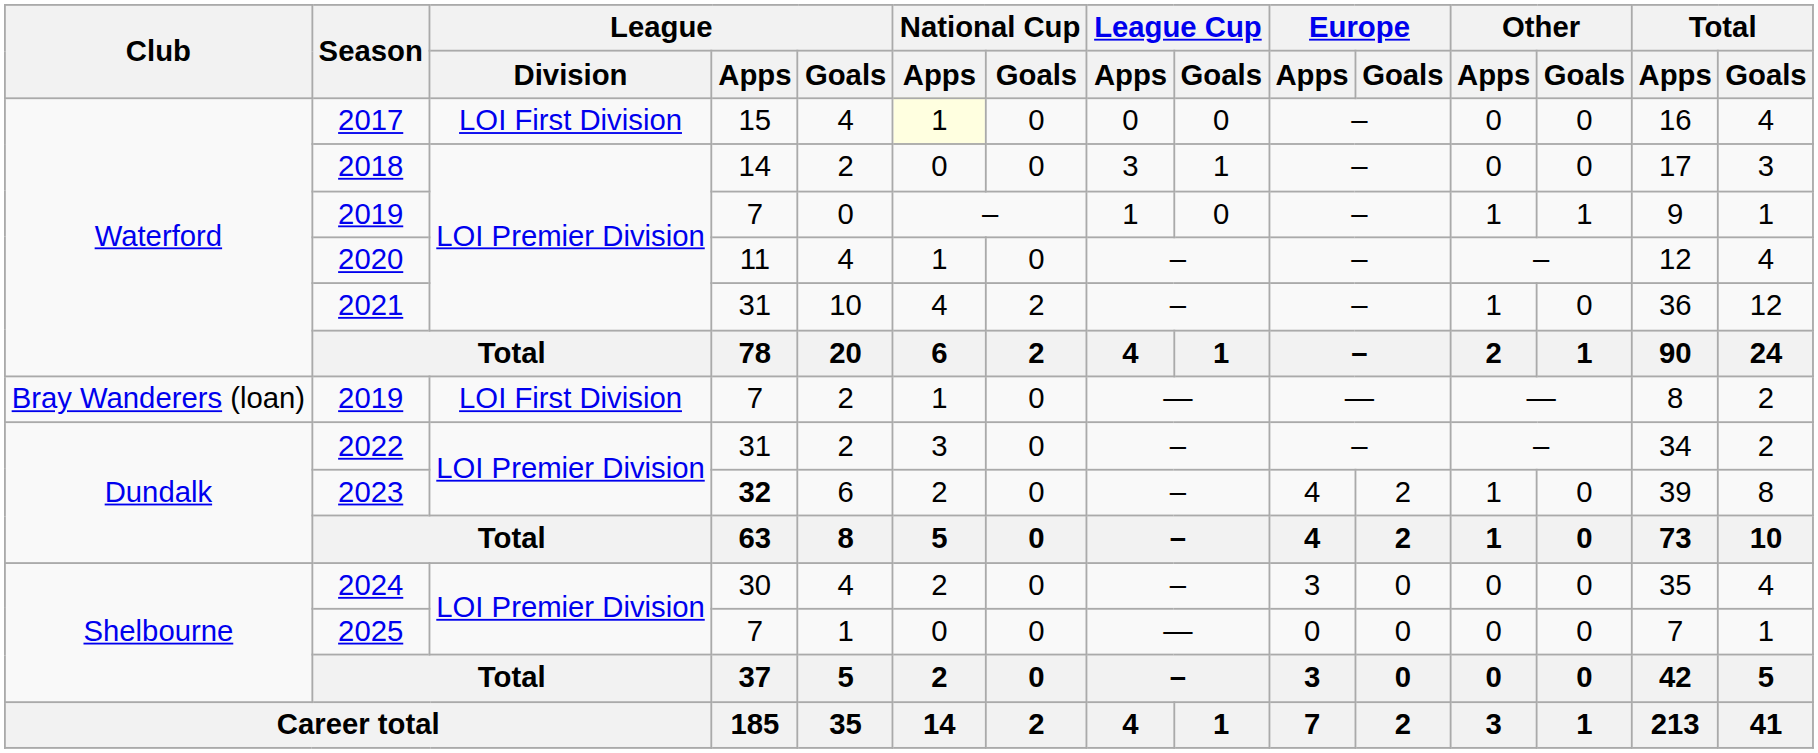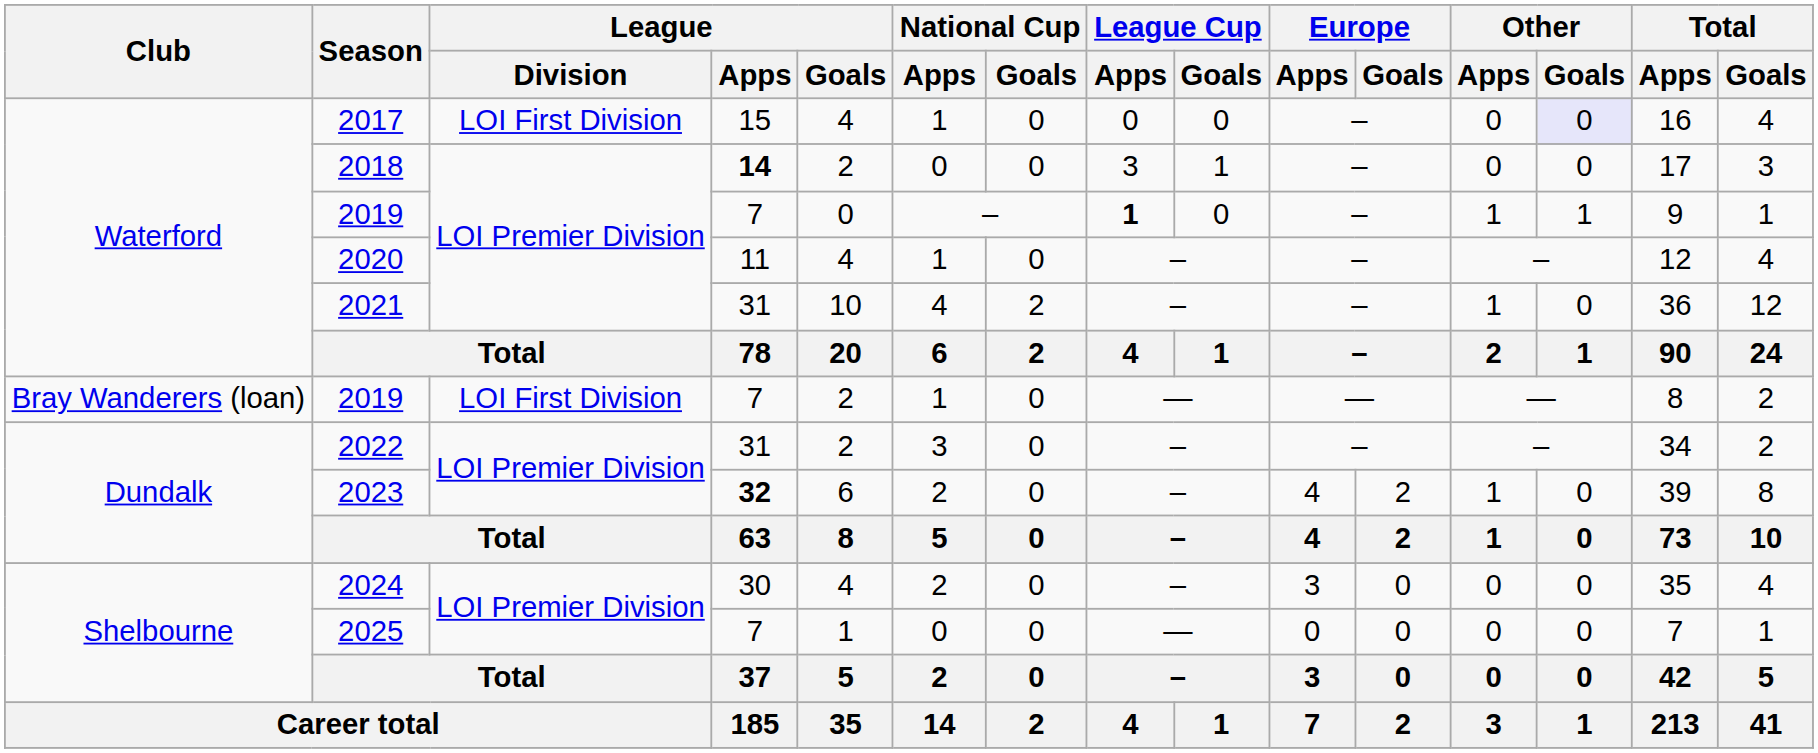 <table class=wikitable style="text-align: center">
 <tr>
 <th rowspan=2>Club</th>
 <th rowspan=2>Season</th>
 <th colspan=3>League</th>
 <th colspan=2>National Cup</th>
 <th colspan=2><a href='#'>League Cup</a></th>
 <th colspan=2><a href='#'>Europe</a></th>
 <th colspan=2>Other</th>
 <th colspan=2>Total</th>
 </tr>
 <tr>
 <th>Division</th>
 <th>Apps</th>
 <th>Goals</th>
 <th>Apps</th>
 <th>Goals</th>
 <th>Apps</th>
 <th>Goals</th>
 <th>Apps</th>
 <th>Goals</th>
 <th>Apps</th>
 <th>Goals</th>
 <th>Apps</th>
 <th>Goals</th>
 </tr>
 <tr>
 <td rowspan="6"><a href='#'>Waterford</a></td>
 <td><a href='#'>2017</a></td>
 <td><a href='#'>LOI First Division</a></td>
 <td>15</td>
 <td>4</td>
-<td style="background: lightyellow;">1</td>
+<td>1</td>
 <td>0</td>
 <td>0</td>
 <td>0</td>
 <td colspan="2">–</td>
 <td>0</td>
-<td>0</td>
+<td style="background: lavender;">0</td>
 <td>16</td>
 <td>4</td>
 </tr>
 <tr>
 <td><a href='#'>2018</a></td>
 <td rowspan="4"><a href='#'>LOI Premier Division</a></td>
-<td>14</td>
+<td><strong>14</strong></td>
 <td>2</td>
 <td>0</td>
 <td>0</td>
 <td>3</td>
 <td>1</td>
 <td colspan="2">–</td>
 <td>0</td>
 <td>0</td>
 <td>17</td>
 <td>3</td>
 </tr>
 <tr>
 <td><a href='#'>2019</a></td>
 <td>7</td>
 <td>0</td>
 <td colspan="2">–</td>
-<td>1</td>
+<td><strong>1</strong></td>
 <td>0</td>
 <td colspan="2">–</td>
 <td>1</td>
 <td>1</td>
 <td>9</td>
 <td>1</td>
 </tr>
 <tr>
 <td><a href='#'>2020</a></td>
 <td>11</td>
 <td>4</td>
 <td>1</td>
 <td>0</td>
 <td colspan="2">–</td>
 <td colspan="2">–</td>
 <td colspan="2">–</td>
 <td>12</td>
 <td>4</td>
 </tr>
 <tr>
 <td><a href='#'>2021</a></td>
 <td>31</td>
 <td>10</td>
 <td>4</td>
 <td>2</td>
 <td colspan="2">–</td>
 <td colspan="2">–</td>
 <td>1</td>
 <td>0</td>
 <td>36</td>
 <td>12</td>
 </tr>
 <tr>
 <th colspan="2">Total</th>
 <th>78</th>
 <th>20</th>
 <th>6</th>
 <th>2</th>
 <th>4</th>
 <th>1</th>
 <th colspan="2">–</th>
 <th>2</th>
 <th>1</th>
 <th>90</th>
 <th>24</th>
 </tr>
 <tr>
 <td><a href='#'>Bray Wanderers</a> (loan)</td>
 <td><a href='#'>2019</a></td>
 <td><a href='#'>LOI First Division</a></td>
 <td>7</td>
 <td>2</td>
 <td>1</td>
 <td>0</td>
 <td colspan="2">—</td>
 <td colspan="2">—</td>
 <td colspan="2">—</td>
 <td>8</td>
 <td>2</td>
 </tr>
 <tr>
 <td rowspan="3"><a href='#'>Dundalk</a></td>
 <td><a href='#'>2022</a></td>
 <td rowspan="2"><a href='#'>LOI Premier Division</a></td>
 <td>31</td>
 <td>2</td>
 <td>3</td>
 <td>0</td>
 <td colspan="2">–</td>
 <td colspan="2">–</td>
 <td colspan="2">–</td>
 <td>34</td>
 <td>2</td>
 </tr>
 <tr>
 <td><a href='#'>2023</a></td>
 <td><strong>32</strong></td>
 <td>6</td>
 <td>2</td>
 <td>0</td>
 <td colspan="2">–</td>
 <td>4</td>
 <td>2</td>
 <td>1</td>
 <td>0</td>
 <td>39</td>
 <td>8</td>
 </tr>
 <tr>
 <th colspan="2">Total</th>
 <th>63</th>
 <th>8</th>
 <th>5</th>
 <th>0</th>
 <th colspan="2">–</th>
 <th>4</th>
 <th>2</th>
 <th>1</th>
 <th>0</th>
 <th>73</th>
 <th>10</th>
 </tr>
 <tr>
 <td rowspan="3"><a href='#'>Shelbourne</a></td>
 <td><a href='#'>2024</a></td>
 <td rowspan="2"><a href='#'>LOI Premier Division</a></td>
 <td>30</td>
 <td>4</td>
 <td>2</td>
 <td>0</td>
 <td colspan="2">–</td>
 <td>3</td>
 <td>0</td>
 <td>0</td>
 <td>0</td>
 <td>35</td>
 <td>4</td>
 </tr>
 <tr>
 <td><a href='#'>2025</a></td>
 <td>7</td>
 <td>1</td>
 <td>0</td>
 <td>0</td>
 <td colspan="2">—</td>
 <td>0</td>
 <td>0</td>
 <td>0</td>
 <td>0</td>
 <td>7</td>
 <td>1</td>
 </tr>
 <tr>
 <th colspan="2">Total</th>
 <th>37</th>
 <th>5</th>
 <th>2</th>
 <th>0</th>
 <th colspan="2">–</th>
 <th>3</th>
 <th>0</th>
 <th>0</th>
 <th>0</th>
 <th>42</th>
 <th>5</th>
 </tr>
 <tr>
 <th colspan="3">Career total</th>
 <th>185</th>
 <th>35</th>
 <th>14</th>
 <th>2</th>
 <th>4</th>
 <th>1</th>
 <th>7</th>
 <th>2</th>
 <th>3</th>
 <th>1</th>
 <th>213</th>
 <th>41</th>
 </tr>
 </table>
